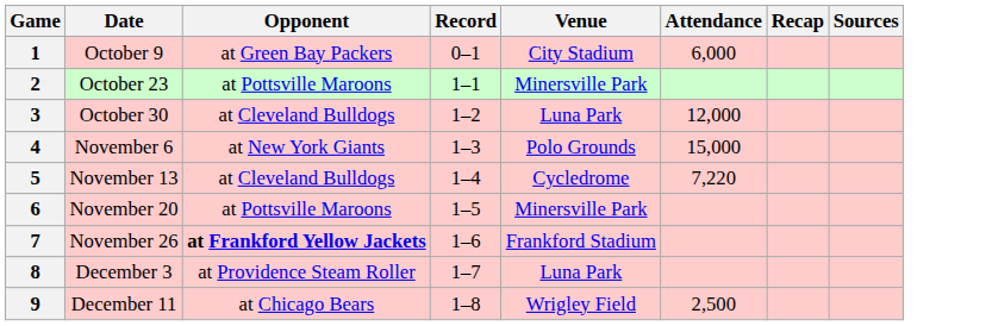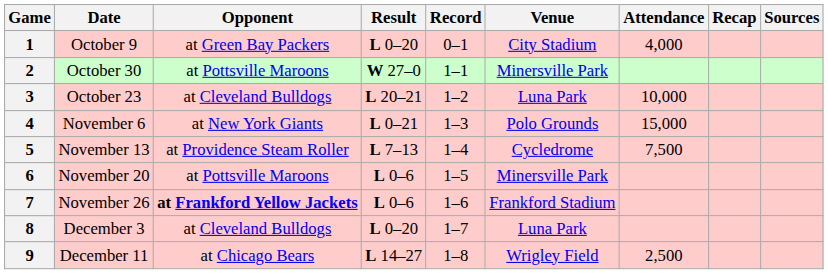 <table class="wikitable" style="text-align:center">
 <tr>
 <th>Game</th>
 <th>Date</th>
 <th>Opponent</th>
+<th>Result</th>
 <th>Record</th>
 <th>Venue</th>
 <th>Attendance</th>
 <th>Recap</th>
 <th>Sources</th>
 </tr>
 <tr style="background:#fcc">
 <th>1</th>
 <td>October 9</td>
 <td>at <a href='#'>Green Bay Packers</a></td>
+<td><strong>L</strong> 0–20</td>
 <td>0–1</td>
 <td><a href='#'>City Stadium</a></td>
-<td style="text-align:center;">6,000</td>
+<td style="text-align:center;">4,000</td>
 <td></td>
 <td></td>
 </tr>
 <tr style="background:#cfc">
 <th>2</th>
-<td>October 23</td>
+<td>October 30</td>
 <td>at <a href='#'>Pottsville Maroons</a></td>
+<td><strong>W</strong> 27–0</td>
 <td>1–1</td>
 <td><a href='#'>Minersville Park</a></td>
 <td></td>
 <td></td>
 <td></td>
 </tr>
 <tr style="background:#fcc">
 <th>3</th>
-<td>October 30</td>
+<td>October 23</td>
 <td>at <a href='#'>Cleveland Bulldogs</a></td>
+<td><strong>L</strong> 20–21</td>
 <td>1–2</td>
 <td><a href='#'>Luna Park</a></td>
-<td>12,000</td>
+<td>10,000</td>
 <td></td>
 <td></td>
 </tr>
 <tr style="background:#fcc">
 <th>4</th>
 <td>November 6</td>
 <td>at <a href='#'>New York Giants</a></td>
+<td><strong>L</strong> 0–21</td>
 <td>1–3</td>
 <td><a href='#'>Polo Grounds</a></td>
 <td>15,000</td>
 <td></td>
 <td></td>
 </tr>
 <tr style="background:#fcc">
 <th>5</th>
 <td>November 13</td>
-<td>at <a href='#'>Cleveland Bulldogs</a></td>
+<td>at <a href='#'>Providence Steam Roller</a></td>
+<td><strong>L</strong> 7–13</td>
 <td>1–4</td>
 <td><a href='#'>Cycledrome</a></td>
-<td>7,220</td>
+<td>7,500</td>
 <td></td>
 <td></td>
 </tr>
 <tr style="background:#fcc">
 <th>6</th>
 <td>November 20</td>
 <td>at <a href='#'>Pottsville Maroons</a></td>
+<td><strong>L</strong> 0–6</td>
 <td>1–5</td>
 <td><a href='#'>Minersville Park</a></td>
 <td></td>
 <td></td>
 <td></td>
 </tr>
 <tr style="background:#fcc">
 <th>7</th>
 <td>November 26</td>
 <td><strong>at <a href='#'>Frankford Yellow Jackets</a></strong></td>
+<td><strong>L</strong> 0–6</td>
 <td>1–6</td>
 <td><a href='#'>Frankford Stadium</a></td>
 <td></td>
 <td></td>
 <td></td>
 </tr>
 <tr style="background:#fcc">
 <th>8</th>
 <td>December 3</td>
-<td>at <a href='#'>Providence Steam Roller</a></td>
+<td>at <a href='#'>Cleveland Bulldogs</a></td>
+<td><strong>L</strong> 0–20</td>
 <td>1–7</td>
 <td><a href='#'>Luna Park</a></td>
 <td></td>
 <td></td>
 <td></td>
 </tr>
 <tr style="background:#fcc">
 <th>9</th>
 <td>December 11</td>
 <td>at <a href='#'>Chicago Bears</a></td>
+<td><strong>L</strong> 14–27</td>
 <td>1–8</td>
 <td><a href='#'>Wrigley Field</a></td>
 <td>2,500</td>
 <td></td>
 <td></td>
 </tr>
 </table>
